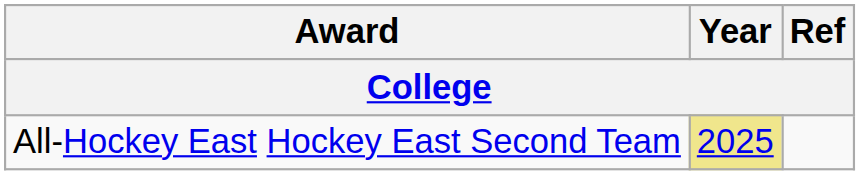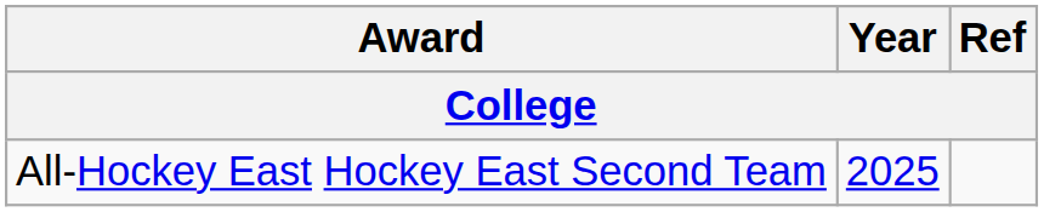 <table class="wikitable">
 <tr>
 <th>Award</th>
 <th>Year</th>
 <th>Ref</th>
 </tr>
 <tr>
 <th colspan="3"><a href='#'>College</a></th>
 </tr>
 <tr>
 <td>All-<a href='#'>Hockey East</a> <a href='#'>Hockey East Second Team</a></td>
-<td style="background: khaki;"><a href='#'>2025</a></td>
+<td><a href='#'>2025</a></td>
 <td></td>
 </tr>
 </table>
